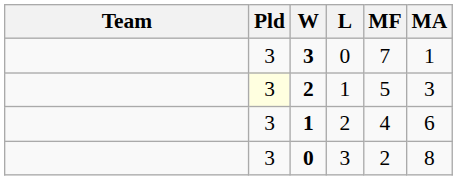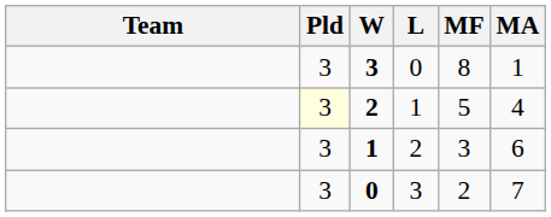 <table class=wikitable style="text-align:center">
 <tr>
 <th width=175>Team</th>
 <th width=20>Pld</th>
 <th width=20>W</th>
 <th width=20>L</th>
 <th width=20>MF</th>
 <th width=20>MA</th>
 </tr>
 <tr>
 <td style="text-align:left"></td>
 <td>3</td>
 <td><strong>3</strong></td>
 <td>0</td>
-<td>7</td>
+<td>8</td>
 <td>1</td>
 </tr>
 <tr>
 <td style="text-align:left"></td>
 <td style="background: lightyellow;">3</td>
 <td><strong>2</strong></td>
 <td>1</td>
 <td>5</td>
-<td>3</td>
+<td>4</td>
 </tr>
 <tr -bgcolor=ffcccc>
 <td style="text-align:left"></td>
 <td>3</td>
 <td><strong>1</strong></td>
 <td>2</td>
-<td>4</td>
+<td>3</td>
 <td>6</td>
 </tr>
 <tr -bgcolor=ffcccc>
 <td style="text-align:left"></td>
 <td>3</td>
 <td><strong>0</strong></td>
 <td>3</td>
 <td>2</td>
-<td>8</td>
+<td>7</td>
 </tr>
 </table>
